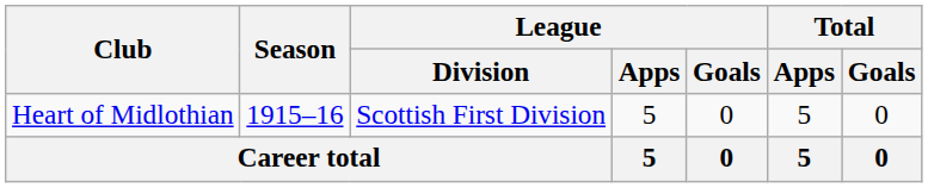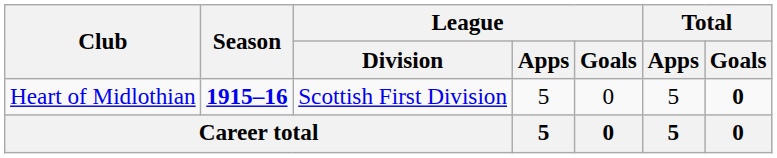 <table class="wikitable" style="text-align: center;">
 <tr>
 <th rowspan="2">Club</th>
 <th rowspan="2">Season</th>
 <th colspan="3">League</th>
 <th colspan="2">Total</th>
 </tr>
 <tr>
 <th>Division</th>
 <th>Apps</th>
 <th>Goals</th>
 <th>Apps</th>
 <th>Goals</th>
 </tr>
 <tr>
 <td><a href='#'>Heart of Midlothian</a></td>
-<td><a href='#'>1915–16</a></td>
+<td><strong><a href='#'>1915–16</a></strong></td>
 <td><a href='#'>Scottish First Division</a></td>
 <td>5</td>
 <td>0</td>
 <td>5</td>
-<td>0</td>
+<td><strong>0</strong></td>
 </tr>
 <tr>
 <th colspan="3">Career total</th>
 <th>5</th>
 <th>0</th>
 <th>5</th>
 <th>0</th>
 </tr>
 </table>
